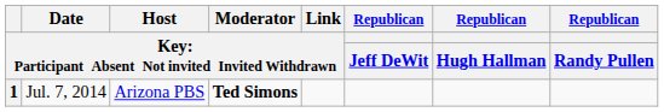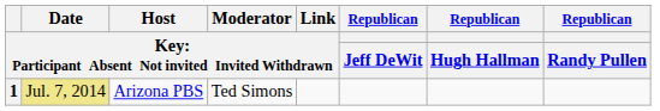 <table class="wikitable" style="text-align:center;">
 <tr>
 <th scope="col"></th>
 <th scope="col">Date</th>
 <th scope="col">Host</th>
 <th scope="col">Moderator</th>
 <th scope="col">Link</th>
 <th scope="col"><small><a href='#'>Republican</a></small></th>
 <th scope="col"><small><a href='#'>Republican</a></small></th>
 <th scope="col"><small><a href='#'>Republican</a></small></th>
 </tr>
 <tr>
 <th colspan="5" rowspan="2">Key:<br> <small>Participant </small>  <small>Absent </small>  <small>Not invited </small>  <small>Invited  Withdrawn</small></th>
 <th scope="col" style="background:"></th>
 <th scope="col" style="background:"></th>
 <th scope="col" style="background:"></th>
 </tr>
 <tr>
 <th scope="col"><a href='#'>Jeff DeWit</a></th>
 <th scope="col"><a href='#'>Hugh Hallman</a></th>
 <th scope="col"><a href='#'>Randy Pullen</a></th>
 </tr>
 <tr>
 <th>1</th>
-<td style="white-space:nowrap;">Jul. 7, 2014</td>
+<td style="background: khaki; white-space:nowrap;">Jul. 7, 2014</td>
 <td style="white-space:nowrap;"><a href='#'>Arizona PBS</a></td>
-<td style="white-space:nowrap;"><strong>Ted Simons</strong></td>
+<td style="white-space:nowrap;">Ted Simons</td>
 <td style="white-space:nowrap;"></td>
 <td></td>
 <td></td>
 <td></td>
 </tr>
 </table>
